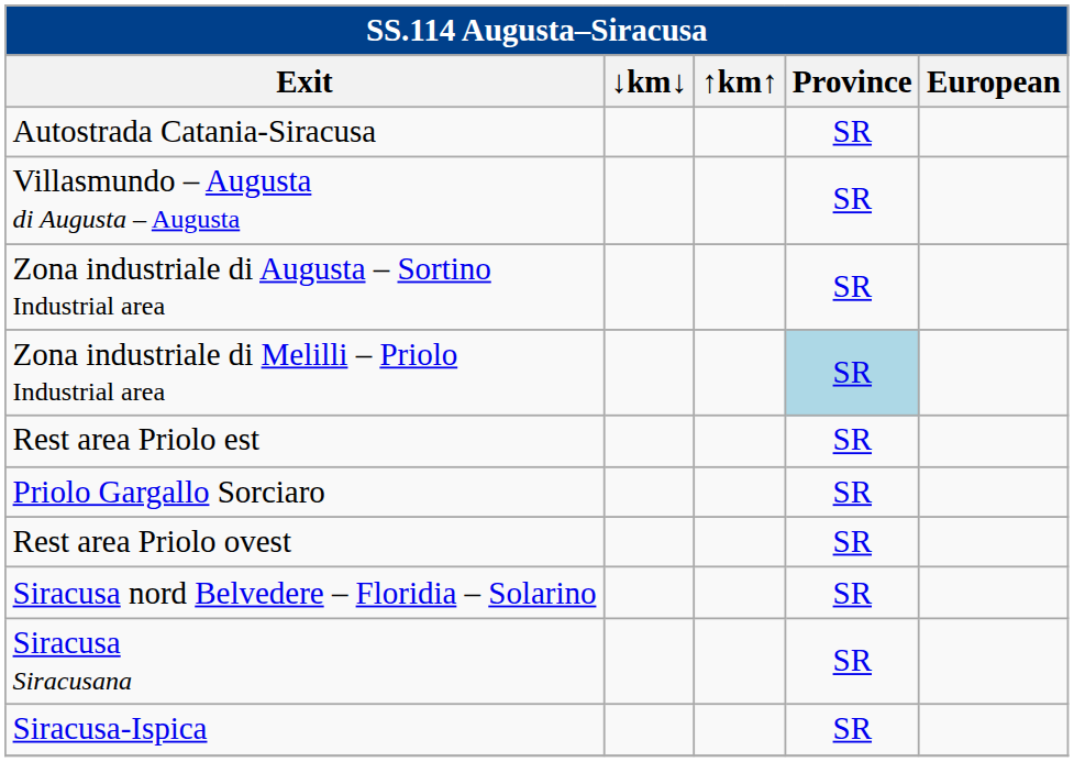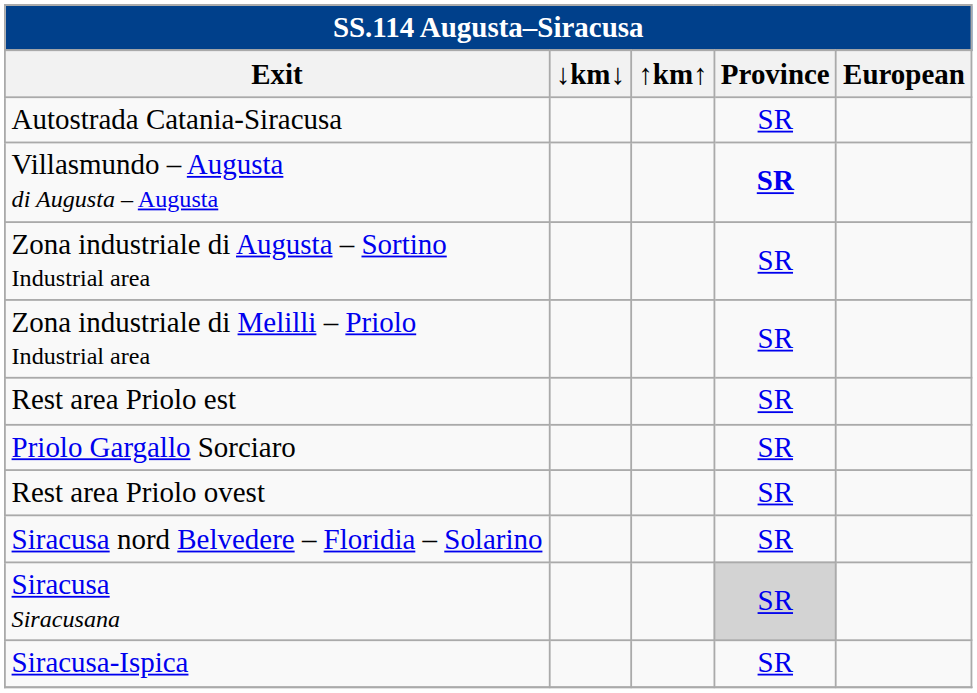 <table class="wikitable" border="1">
 <tr>
 </tr>
 <tr align="center" bgcolor="00408B" style="color: white;font-size:100%;">
 <td colspan="6"><strong>SS.114 Augusta–Siracusa</strong></td>
 </tr>
 <tr>
 </tr>
 <tr>
 <th><strong>Exit</strong></th>
 <th align="center"><strong>↓km↓</strong></th>
 <th align="center"><strong>↑km↑</strong></th>
 <th align="center"><strong>Province</strong></th>
 <th align="center"><strong>European</strong></th>
 </tr>
 <tr>
 <td>  Autostrada Catania-Siracusa</td>
 <td align="right"></td>
 <td align="right"></td>
 <td align="center"><a href='#'>SR</a></td>
 <td align="center"></td>
 </tr>
 <tr>
 <td> Villasmundo – <a href='#'>Augusta</a><br><small> <em> di Augusta</em> – <a href='#'>Augusta</a></small></td>
 <td align="right"></td>
 <td align="right"></td>
-<td align="center"><a href='#'>SR</a></td>
+<td align="center"><strong><a href='#'>SR</a></strong></td>
 <td align="center"></td>
 </tr>
 <tr>
 <td> Zona industriale di <a href='#'>Augusta</a> – <a href='#'>Sortino</a><br><small> Industrial area </small></td>
 <td align="right"></td>
 <td align="right"></td>
 <td align="center"><a href='#'>SR</a></td>
 <td align="center"></td>
 </tr>
 <tr>
 <td> Zona industriale di <a href='#'>Melilli</a> – <a href='#'>Priolo</a><br><small> Industrial area </small></td>
 <td align="right"></td>
 <td align="right"></td>
-<td align="center" style="background: lightblue;"><a href='#'>SR</a></td>
+<td align="center"><a href='#'>SR</a></td>
 <td align="center"></td>
 </tr>
 <tr>
 <td> Rest area Priolo est</td>
 <td align="right"></td>
 <td align="right"></td>
 <td align="center"><a href='#'>SR</a></td>
 <td align="center"></td>
 </tr>
 <tr>
 <td> <a href='#'>Priolo Gargallo</a> Sorciaro</td>
 <td align="right"></td>
 <td align="right"></td>
 <td align="center"><a href='#'>SR</a></td>
 <td align="center"></td>
 </tr>
 <tr>
 <td> Rest area Priolo ovest</td>
 <td align="right"></td>
 <td align="right"></td>
 <td align="center"><a href='#'>SR</a></td>
 <td align="center"></td>
 </tr>
 <tr>
 <td> <a href='#'>Siracusa</a> nord <a href='#'>Belvedere</a> – <a href='#'>Floridia</a> – <a href='#'>Solarino</a></td>
 <td align="right"></td>
 <td align="right"></td>
 <td align="center"><a href='#'>SR</a></td>
 <td align="center"></td>
 </tr>
 <tr>
 <td> <a href='#'>Siracusa</a><br><small> <em>Siracusana</em></small></td>
 <td align="right"></td>
 <td align="right"></td>
-<td align="center"><a href='#'>SR</a></td>
+<td align="center" style="background: lightgrey;"><a href='#'>SR</a></td>
 <td align="center"></td>
 </tr>
 <tr>
 <td>  <a href='#'>Siracusa-Ispica</a></td>
 <td align="right"></td>
 <td align="right"></td>
 <td align="center"><a href='#'>SR</a></td>
 <td align="center"></td>
 </tr>
 <tr>
 </tr>
 </table>
